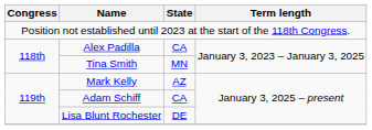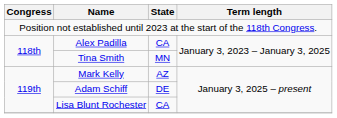 <table class="wikitable plainrowheaders sortable" style="text-align: center;">
 <tr>
 <th>Congress</th>
 <th>Name</th>
 <th>State</th>
 <th>Term length</th>
 </tr>
 <tr>
 <td colspan=4>Position not established until 2023 at the start of the <a href='#'>118th Congress</a>.</td>
 </tr>
 <tr>
 <td rowspan=2><a href='#'>118th</a></td>
 <td><a href='#'>Alex Padilla</a></td>
 <td><a href='#'>CA</a></td>
 <td rowspan=2>January 3, 2023 – January 3, 2025</td>
 </tr>
 <tr>
 <td><a href='#'>Tina Smith</a></td>
 <td><a href='#'>MN</a></td>
 </tr>
 <tr>
 <td rowspan=3><a href='#'>119th</a></td>
 <td><a href='#'>Mark Kelly</a></td>
 <td><a href='#'>AZ</a></td>
 <td rowspan=3>January 3, 2025 – <em>present</em></td>
 </tr>
 <tr>
 <td><a href='#'>Adam Schiff</a></td>
-<td><a href='#'>CA</a></td>
+<td><a href='#'>DE</a></td>
 </tr>
 <tr>
 <td><a href='#'>Lisa Blunt Rochester</a></td>
-<td><a href='#'>DE</a></td>
+<td><a href='#'>CA</a></td>
 </tr>
 <tr>
 </tr>
 </table>
